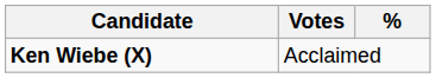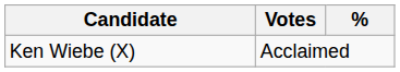 <table class="wikitable sortable">
 <tr>
 <th bgcolor="#DDDDFF" width="200px">Candidate</th>
 <th bgcolor="#DDDDFF" width="50px">Votes</th>
 <th bgcolor="#DDDDFF" width="50px">%</th>
 </tr>
 <tr>
-<td><strong>Ken Wiebe (X)</strong></td>
+<td>Ken Wiebe (X)</td>
 <td colspan="2">Acclaimed</td>
 </tr>
 </table>
